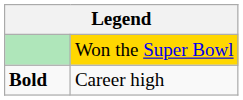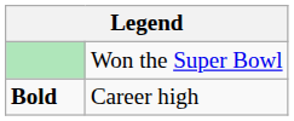 <table class="wikitable">
 <tr>
 <th colspan="2">Legend</th>
 </tr>
 <tr>
 <td style="background:#afe6ba; width:3em;"></td>
-<td style="background: gold;">Won the <a href='#'>Super Bowl</a></td>
+<td>Won the <a href='#'>Super Bowl</a></td>
 </tr>
 <tr>
 <td style="width:3em;"><strong>Bold</strong></td>
 <td>Career high</td>
 </tr>
 </table>
